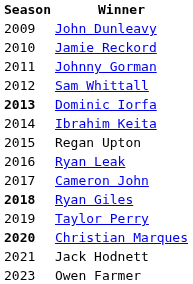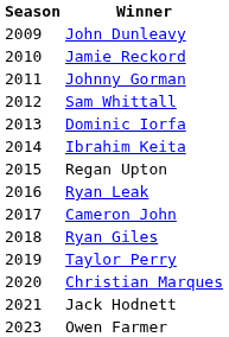 <table class="sortable">
 <tr>
 <th>Season</th>
 <th>Winner</th>
 </tr>
 <tr>
 <td>2009</td>
 <td> <a href='#'>John Dunleavy</a></td>
 </tr>
 <tr>
 <td>2010</td>
 <td> <a href='#'>Jamie Reckord</a></td>
 </tr>
 <tr>
 <td>2011</td>
 <td> <a href='#'>Johnny Gorman</a></td>
 </tr>
 <tr>
 <td>2012</td>
 <td> <a href='#'>Sam Whittall</a></td>
 </tr>
 <tr>
-<td><strong>2013</strong></td>
+<td>2013</td>
 <td> <a href='#'>Dominic Iorfa</a></td>
 </tr>
 <tr>
 <td>2014</td>
 <td> <a href='#'>Ibrahim Keita</a></td>
 </tr>
 <tr>
 <td>2015</td>
 <td> Regan Upton</td>
 </tr>
 <tr>
 <td>2016</td>
 <td> <a href='#'>Ryan Leak</a></td>
 </tr>
 <tr>
 <td>2017</td>
 <td> <a href='#'>Cameron John</a></td>
 </tr>
 <tr>
-<td><strong>2018</strong></td>
+<td>2018</td>
 <td> <a href='#'>Ryan Giles</a></td>
 </tr>
 <tr>
 <td>2019</td>
 <td> <a href='#'>Taylor Perry</a></td>
 </tr>
 <tr>
-<td><strong>2020</strong></td>
+<td>2020</td>
 <td> <a href='#'>Christian Marques</a></td>
 </tr>
 <tr>
 <td>2021</td>
 <td> Jack Hodnett</td>
 </tr>
 <tr>
 <td>2023</td>
 <td> Owen Farmer</td>
 </tr>
 </table>
